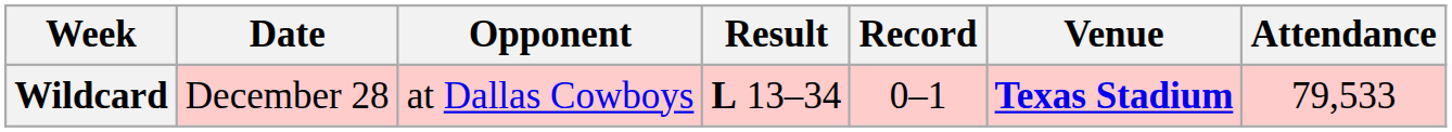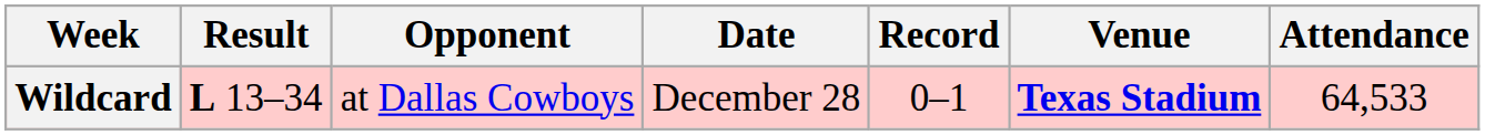 <table class="wikitable" style="text-align:center">
 <tr>
 <th>Week</th>
+<th>Result</th>
+<th>Opponent</th>
 <th>Date</th>
-<th>Opponent</th>
-<th>Result</th>
 <th>Record</th>
 <th>Venue</th>
 <th>Attendance</th>
 </tr>
 <tr style="background:#fcc">
 <th>Wildcard</th>
+<td><strong>L</strong> 13–34</td>
+<td>at <a href='#'>Dallas Cowboys</a></td>
 <td>December 28</td>
-<td>at <a href='#'>Dallas Cowboys</a></td>
-<td><strong>L</strong> 13–34</td>
 <td>0–1</td>
 <td><strong><a href='#'>Texas Stadium</a></strong></td>
-<td>79,533</td>
+<td>64,533</td>
 </tr>
 </table>
